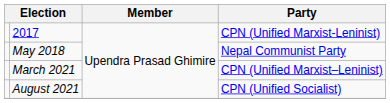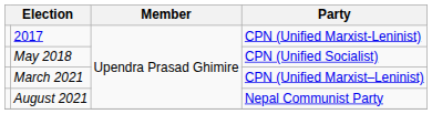 <table class="wikitable">
 <tr>
 <th colspan="2">Election</th>
 <th>Member</th>
 <th>Party</th>
 </tr>
 <tr>
 <td style="background-color:"></td>
 <td><a href='#'>2017</a></td>
 <td rowspan="4">Upendra Prasad Ghimire</td>
 <td><a href='#'>CPN (Unified Marxist-Leninist)</a></td>
 </tr>
 <tr>
 <td style="background-color:"></td>
 <td><em>May 2018</em></td>
-<td><a href='#'>Nepal Communist Party</a></td>
+<td><a href='#'>CPN (Unified Socialist)</a></td>
 </tr>
 <tr>
 <td style="background-color:"></td>
 <td><em>March 2021</em></td>
 <td><a href='#'>CPN (Unified Marxist–Leninist)</a></td>
 </tr>
 <tr>
 <td style="background-color:"></td>
 <td><em>August 2021</em></td>
-<td><a href='#'>CPN (Unified Socialist)</a></td>
+<td><a href='#'>Nepal Communist Party</a></td>
 </tr>
 <tr>
 </tr>
 </table>
